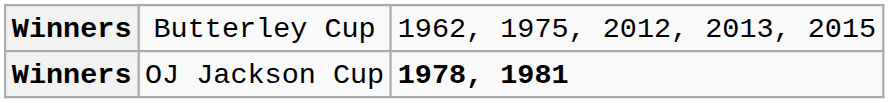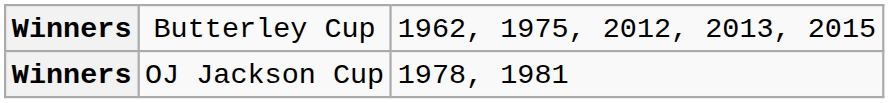 <table class="wikitable">
 <tr>
 <th>Winners</th>
 <td style="text-align: center;">Butterley Cup</td>
 <td style="text-align: left;">1962, 1975, 2012, 2013, 2015</td>
 </tr>
 <tr>
 <th>Winners</th>
 <td style="text-align: center;">OJ Jackson Cup</td>
-<td style="text-align: left;"><strong>1978, 1981</strong></td>
+<td style="text-align: left;">1978, 1981</td>
 </tr>
 </table>
